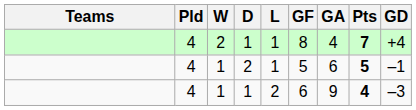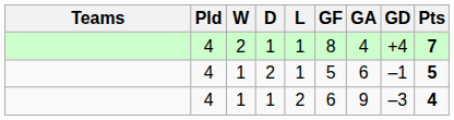 <table class="wikitable" style="text-align: center;">
 <tr>
 <th width=165>Teams</th>
 <th width=20>Pld</th>
 <th width=20>W</th>
 <th width=20>D</th>
 <th width=20>L</th>
 <th width=20>GF</th>
 <th width=20>GA</th>
+<th width=20>GD</th>
 <th width=20>Pts</th>
-<th width=20>GD</th>
 </tr>
 <tr align=center style="background:#ccffcc;">
 <td style="text-align:left;"></td>
 <td>4</td>
 <td>2</td>
 <td>1</td>
 <td>1</td>
 <td>8</td>
 <td>4</td>
+<td>+4</td>
 <td><strong>7</strong></td>
-<td>+4</td>
 </tr>
 <tr align=center>
 <td style="text-align:left;"></td>
 <td>4</td>
 <td>1</td>
 <td>2</td>
 <td>1</td>
 <td>5</td>
 <td>6</td>
+<td>–1</td>
 <td><strong>5</strong></td>
-<td>–1</td>
 </tr>
 <tr align=center>
 <td style="text-align:left;"></td>
 <td>4</td>
 <td>1</td>
 <td>1</td>
 <td>2</td>
 <td>6</td>
 <td>9</td>
+<td>–3</td>
 <td><strong>4</strong></td>
-<td>–3</td>
 </tr>
 </table>
